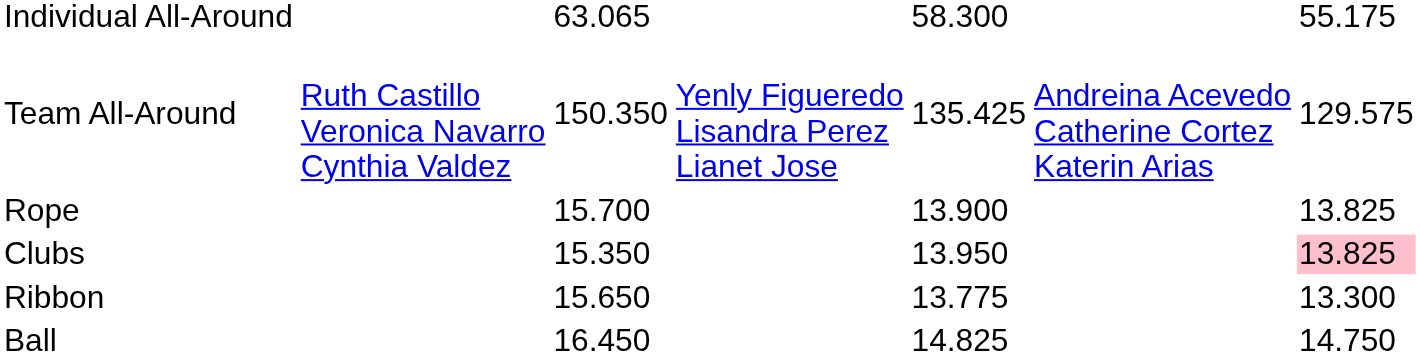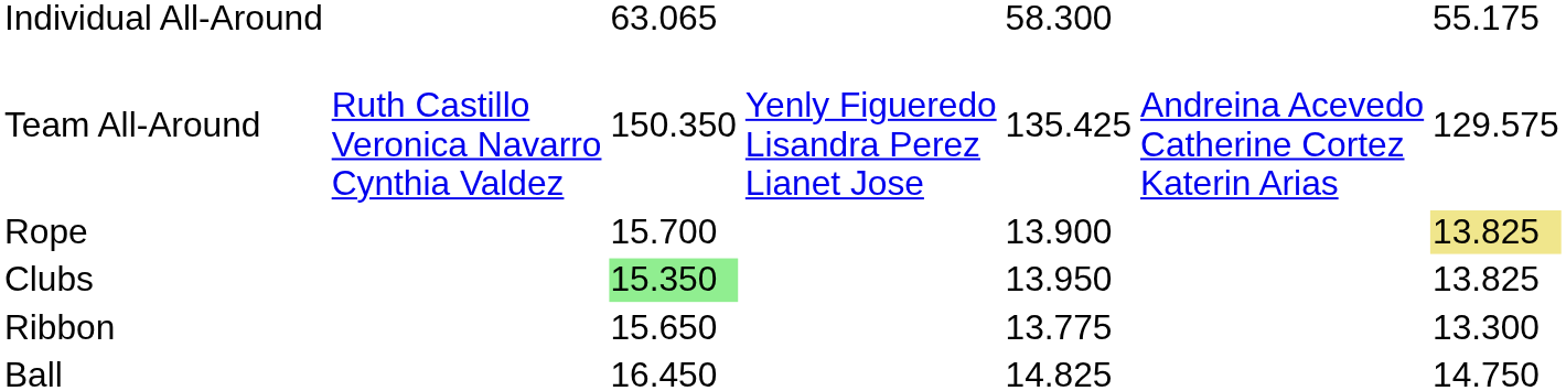 <table>
 <tr>
 <td>Individual All-Around</td>
 <td></td>
 <td>63.065</td>
 <td></td>
 <td>58.300</td>
 <td></td>
 <td>55.175</td>
 </tr>
 <tr>
 <td>Team All-Around</td>
 <td><br><a href='#'>Ruth Castillo</a><br><a href='#'>Veronica Navarro</a><br><a href='#'>Cynthia Valdez</a></td>
 <td>150.350</td>
 <td><br><a href='#'>Yenly Figueredo</a><br><a href='#'>Lisandra Perez</a><br><a href='#'>Lianet Jose</a></td>
 <td>135.425</td>
 <td><br><a href='#'>Andreina Acevedo</a><br><a href='#'>Catherine Cortez</a><br><a href='#'>Katerin Arias</a></td>
 <td>129.575</td>
 </tr>
 <tr>
 <td>Rope</td>
 <td></td>
 <td>15.700</td>
 <td></td>
 <td>13.900</td>
 <td></td>
-<td>13.825</td>
+<td style="background: khaki;">13.825</td>
 </tr>
 <tr>
 <td>Clubs</td>
 <td></td>
-<td>15.350</td>
+<td style="background: lightgreen;">15.350</td>
 <td></td>
 <td>13.950</td>
 <td></td>
-<td style="background: pink;">13.825</td>
+<td>13.825</td>
 </tr>
 <tr>
 <td>Ribbon</td>
 <td></td>
 <td>15.650</td>
 <td></td>
 <td>13.775</td>
 <td></td>
 <td>13.300</td>
 </tr>
 <tr>
 <td>Ball</td>
 <td></td>
 <td>16.450</td>
 <td></td>
 <td>14.825</td>
 <td></td>
 <td>14.750</td>
 </tr>
 </table>
